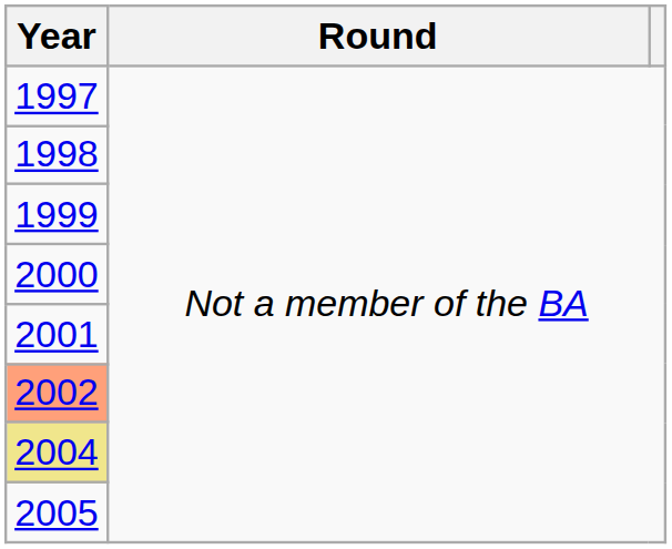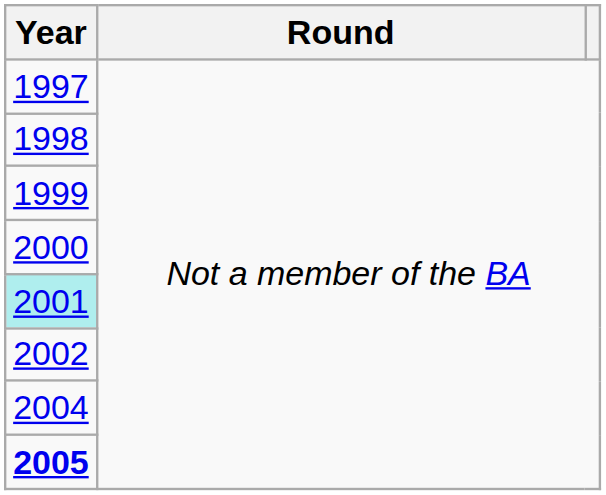 <table class="wikitable" style="text-align: center; font-size:90%">
 <tr>
 <th>Year</th>
 <th style="width:200px">Round</th>
 <th></th>
 </tr>
 <tr>
 <td><a href='#'>1997</a></td>
 <td colspan="2" rowspan="8"><em>Not a member of the <a href='#'>BA</a></em></td>
 </tr>
 <tr>
 <td><a href='#'>1998</a></td>
 </tr>
 <tr>
 <td><a href='#'>1999</a></td>
 </tr>
 <tr>
 <td><a href='#'>2000</a></td>
 </tr>
 <tr>
-<td><a href='#'>2001</a></td>
+<td style="background: paleturquoise;"><a href='#'>2001</a></td>
 </tr>
 <tr>
-<td style="background: lightsalmon;"><a href='#'>2002</a></td>
+<td><a href='#'>2002</a></td>
 </tr>
 <tr>
-<td style="background: khaki;"><a href='#'>2004</a></td>
+<td><a href='#'>2004</a></td>
 </tr>
 <tr>
-<td><a href='#'>2005</a></td>
+<td><strong><a href='#'>2005</a></strong></td>
 </tr>
 </table>
